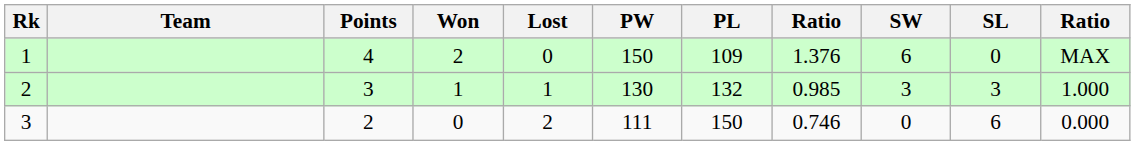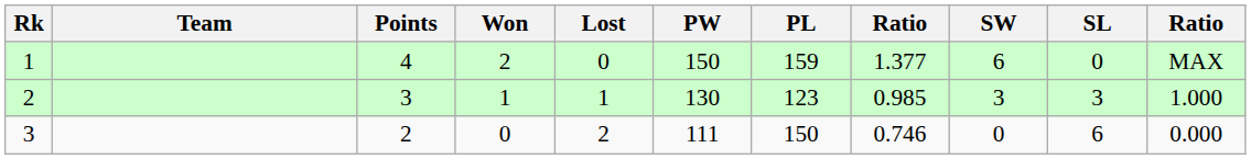 <table class=wikitable style=text-align:center>
 <tr>
 <th width=25>Rk</th>
 <th width=200>Team</th>
 <th width=60>Points</th>
 <th width=60>Won</th>
 <th width=60>Lost</th>
 <th width=60>PW</th>
 <th width=60>PL</th>
 <th width=60>Ratio</th>
 <th width=60>SW</th>
 <th width=60>SL</th>
 <th width=60>Ratio</th>
 </tr>
 <tr bgcolor=#ccffcc>
 <td>1</td>
 <td align=left></td>
 <td>4</td>
 <td>2</td>
 <td>0</td>
 <td>150</td>
-<td>109</td>
-<td>1.376</td>
+<td>159</td>
+<td>1.377</td>
 <td>6</td>
 <td>0</td>
 <td>MAX</td>
 </tr>
 <tr bgcolor=#ccffcc>
 <td>2</td>
 <td align=left></td>
 <td>3</td>
 <td>1</td>
 <td>1</td>
 <td>130</td>
-<td>132</td>
+<td>123</td>
 <td>0.985</td>
 <td>3</td>
 <td>3</td>
 <td>1.000</td>
 </tr>
 <tr>
 <td>3</td>
 <td align=left></td>
 <td>2</td>
 <td>0</td>
 <td>2</td>
 <td>111</td>
 <td>150</td>
 <td>0.746</td>
 <td>0</td>
 <td>6</td>
 <td>0.000</td>
 </tr>
 </table>
